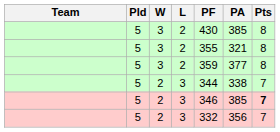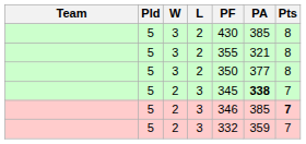 <table class="wikitable" style="text-align:center;">
 <tr>
 <th width=170>Team</th>
 <th width=25>Pld</th>
 <th width=25>W</th>
 <th width=25>L</th>
 <th width=35>PF</th>
 <th width=35>PA</th>
 <th width=25>Pts</th>
 </tr>
 <tr style="background:#ccffcc">
 <td style="text-align:left"></td>
 <td>5</td>
 <td>3</td>
 <td>2</td>
 <td>430</td>
 <td>385</td>
 <td>8</td>
 </tr>
 <tr style="background:#ccffcc">
 <td style="text-align:left"></td>
 <td>5</td>
 <td>3</td>
 <td>2</td>
 <td>355</td>
 <td>321</td>
 <td>8</td>
 </tr>
 <tr style="background:#ccffcc">
 <td style="text-align:left"></td>
 <td>5</td>
 <td>3</td>
 <td>2</td>
-<td>359</td>
+<td>350</td>
 <td>377</td>
 <td>8</td>
 </tr>
 <tr style="background:#ccffcc">
 <td style="text-align:left"></td>
 <td>5</td>
 <td>2</td>
 <td>3</td>
-<td>344</td>
-<td>338</td>
+<td>345</td>
+<td><strong>338</strong></td>
 <td>7</td>
 </tr>
 <tr style="background:#ffcccc">
 <td style="text-align:left"></td>
 <td>5</td>
 <td>2</td>
 <td>3</td>
 <td>346</td>
 <td>385</td>
 <td><strong>7</strong></td>
 </tr>
 <tr style="background:#ffcccc">
 <td style="text-align:left"></td>
 <td>5</td>
 <td>2</td>
 <td>3</td>
 <td>332</td>
-<td>356</td>
+<td>359</td>
 <td>7</td>
 </tr>
 </table>
